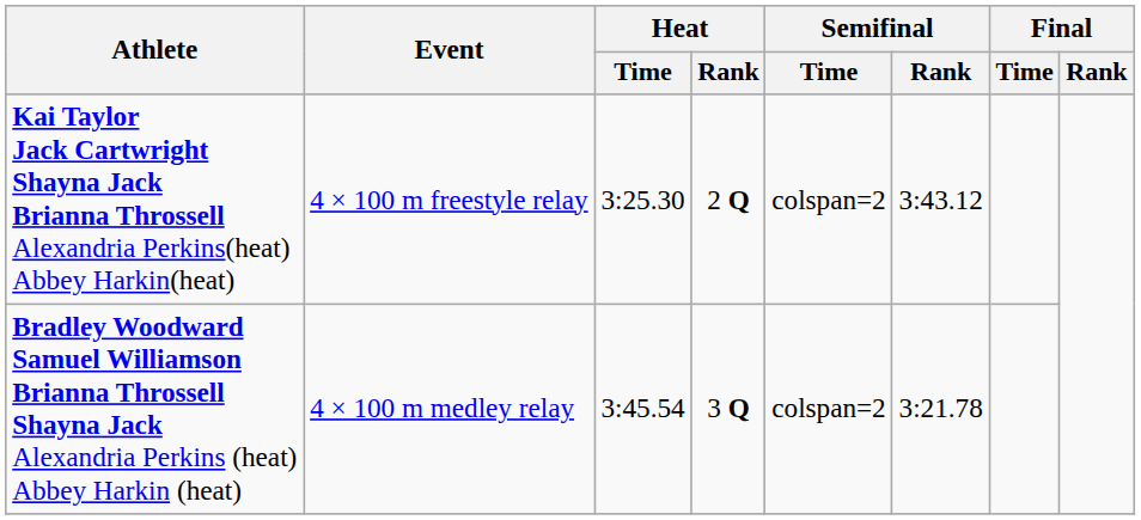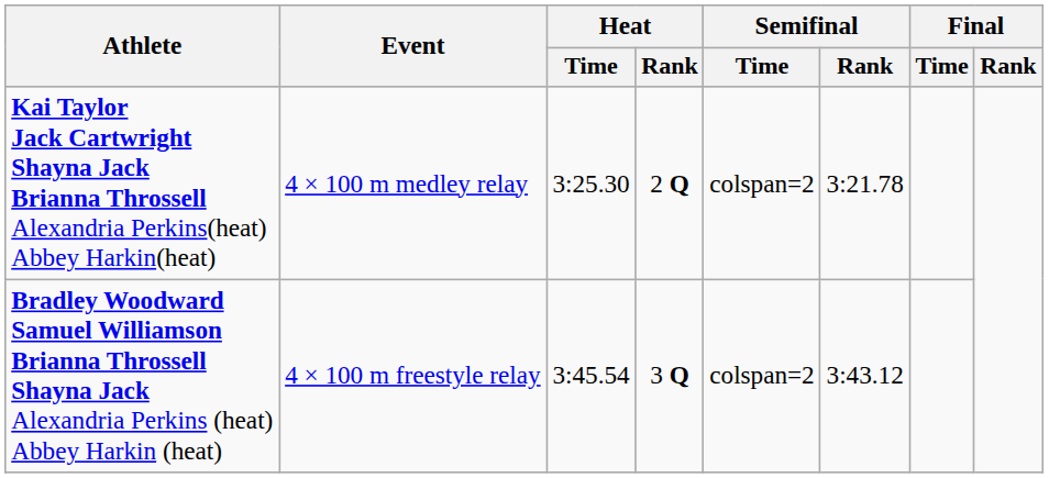 <table class="wikitable" style="text-align:center; font-size:90%">
 <tr>
 <th rowspan="2">Athlete</th>
 <th rowspan="2">Event</th>
 <th colspan="2">Heat</th>
 <th colspan="2">Semifinal</th>
 <th colspan="2">Final</th>
 </tr>
 <tr style="font-size:95%">
 <th>Time</th>
 <th>Rank</th>
 <th>Time</th>
 <th>Rank</th>
 <th>Time</th>
 <th>Rank</th>
 </tr>
 <tr>
 <td align=left><strong><a href='#'>Kai Taylor</a></strong><br><strong><a href='#'>Jack Cartwright</a></strong><br><strong><a href='#'>Shayna Jack</a></strong><br><strong><a href='#'>Brianna Throssell</a></strong><br><a href='#'>Alexandria Perkins</a>(heat)<br><a href='#'>Abbey Harkin</a>(heat)</td>
-<td align=left><a href='#'>4 × 100 m freestyle relay</a></td>
+<td align=left><a href='#'>4 × 100 m medley relay</a></td>
 <td>3:25.30</td>
 <td>2 <strong>Q</strong></td>
+<td>colspan=2 </td>
+<td>3:21.78</td>
+<td></td>
+</tr>
+<tr>
+<td align=left><strong><a href='#'>Bradley Woodward</a></strong><br><strong><a href='#'>Samuel Williamson</a></strong><br><strong><a href='#'>Brianna Throssell</a></strong><br><strong><a href='#'>Shayna Jack</a></strong><br><a href='#'>Alexandria Perkins</a> (heat)<br><a href='#'>Abbey Harkin</a> (heat)</td>
+<td align=left><a href='#'>4 × 100 m freestyle relay</a></td>
+<td>3:45.54</td>
+<td>3 <strong>Q</strong></td>
 <td>colspan=2 </td>
 <td>3:43.12</td>
 <td></td>
 </tr>
-<tr>
-<td align=left><strong><a href='#'>Bradley Woodward</a></strong><br><strong><a href='#'>Samuel Williamson</a></strong><br><strong><a href='#'>Brianna Throssell</a></strong><br><strong><a href='#'>Shayna Jack</a></strong><br><a href='#'>Alexandria Perkins</a> (heat)<br><a href='#'>Abbey Harkin</a> (heat)</td>
-<td align=left><a href='#'>4 × 100 m medley relay</a></td>
-<td>3:45.54</td>
-<td>3 <strong>Q</strong></td>
-<td>colspan=2 </td>
-<td>3:21.78</td>
-<td></td>
-</tr>
 </table>
